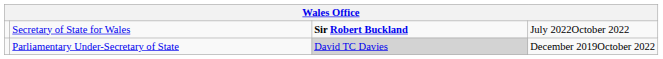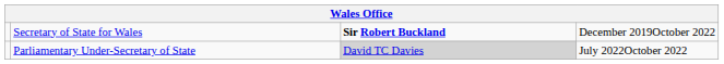 <table class="wikitable">
 <tr>
 <th colspan="4"><a href='#'>Wales Office</a></th>
 </tr>
 <tr>
 <td rowspan=1 style="width: 1px; background: "></td>
 <td rowspan=1 style="width: 450px;"><a href='#'>Secretary of State for Wales</a></td>
 <td><strong>Sir <a href='#'>Robert Buckland</a></strong></td>
-<td>July 2022October 2022</td>
+<td>December 2019October 2022</td>
 </tr>
 <tr>
 <td style="width: 1px; background: "></td>
 <td style="width: 450px;"><a href='#'>Parliamentary Under-Secretary of State</a></td>
 <td style="background: lightgrey; width: 320px;"><a href='#'>David TC Davies</a></td>
-<td>December 2019October 2022</td>
+<td>July 2022October 2022</td>
 </tr>
 </table>
